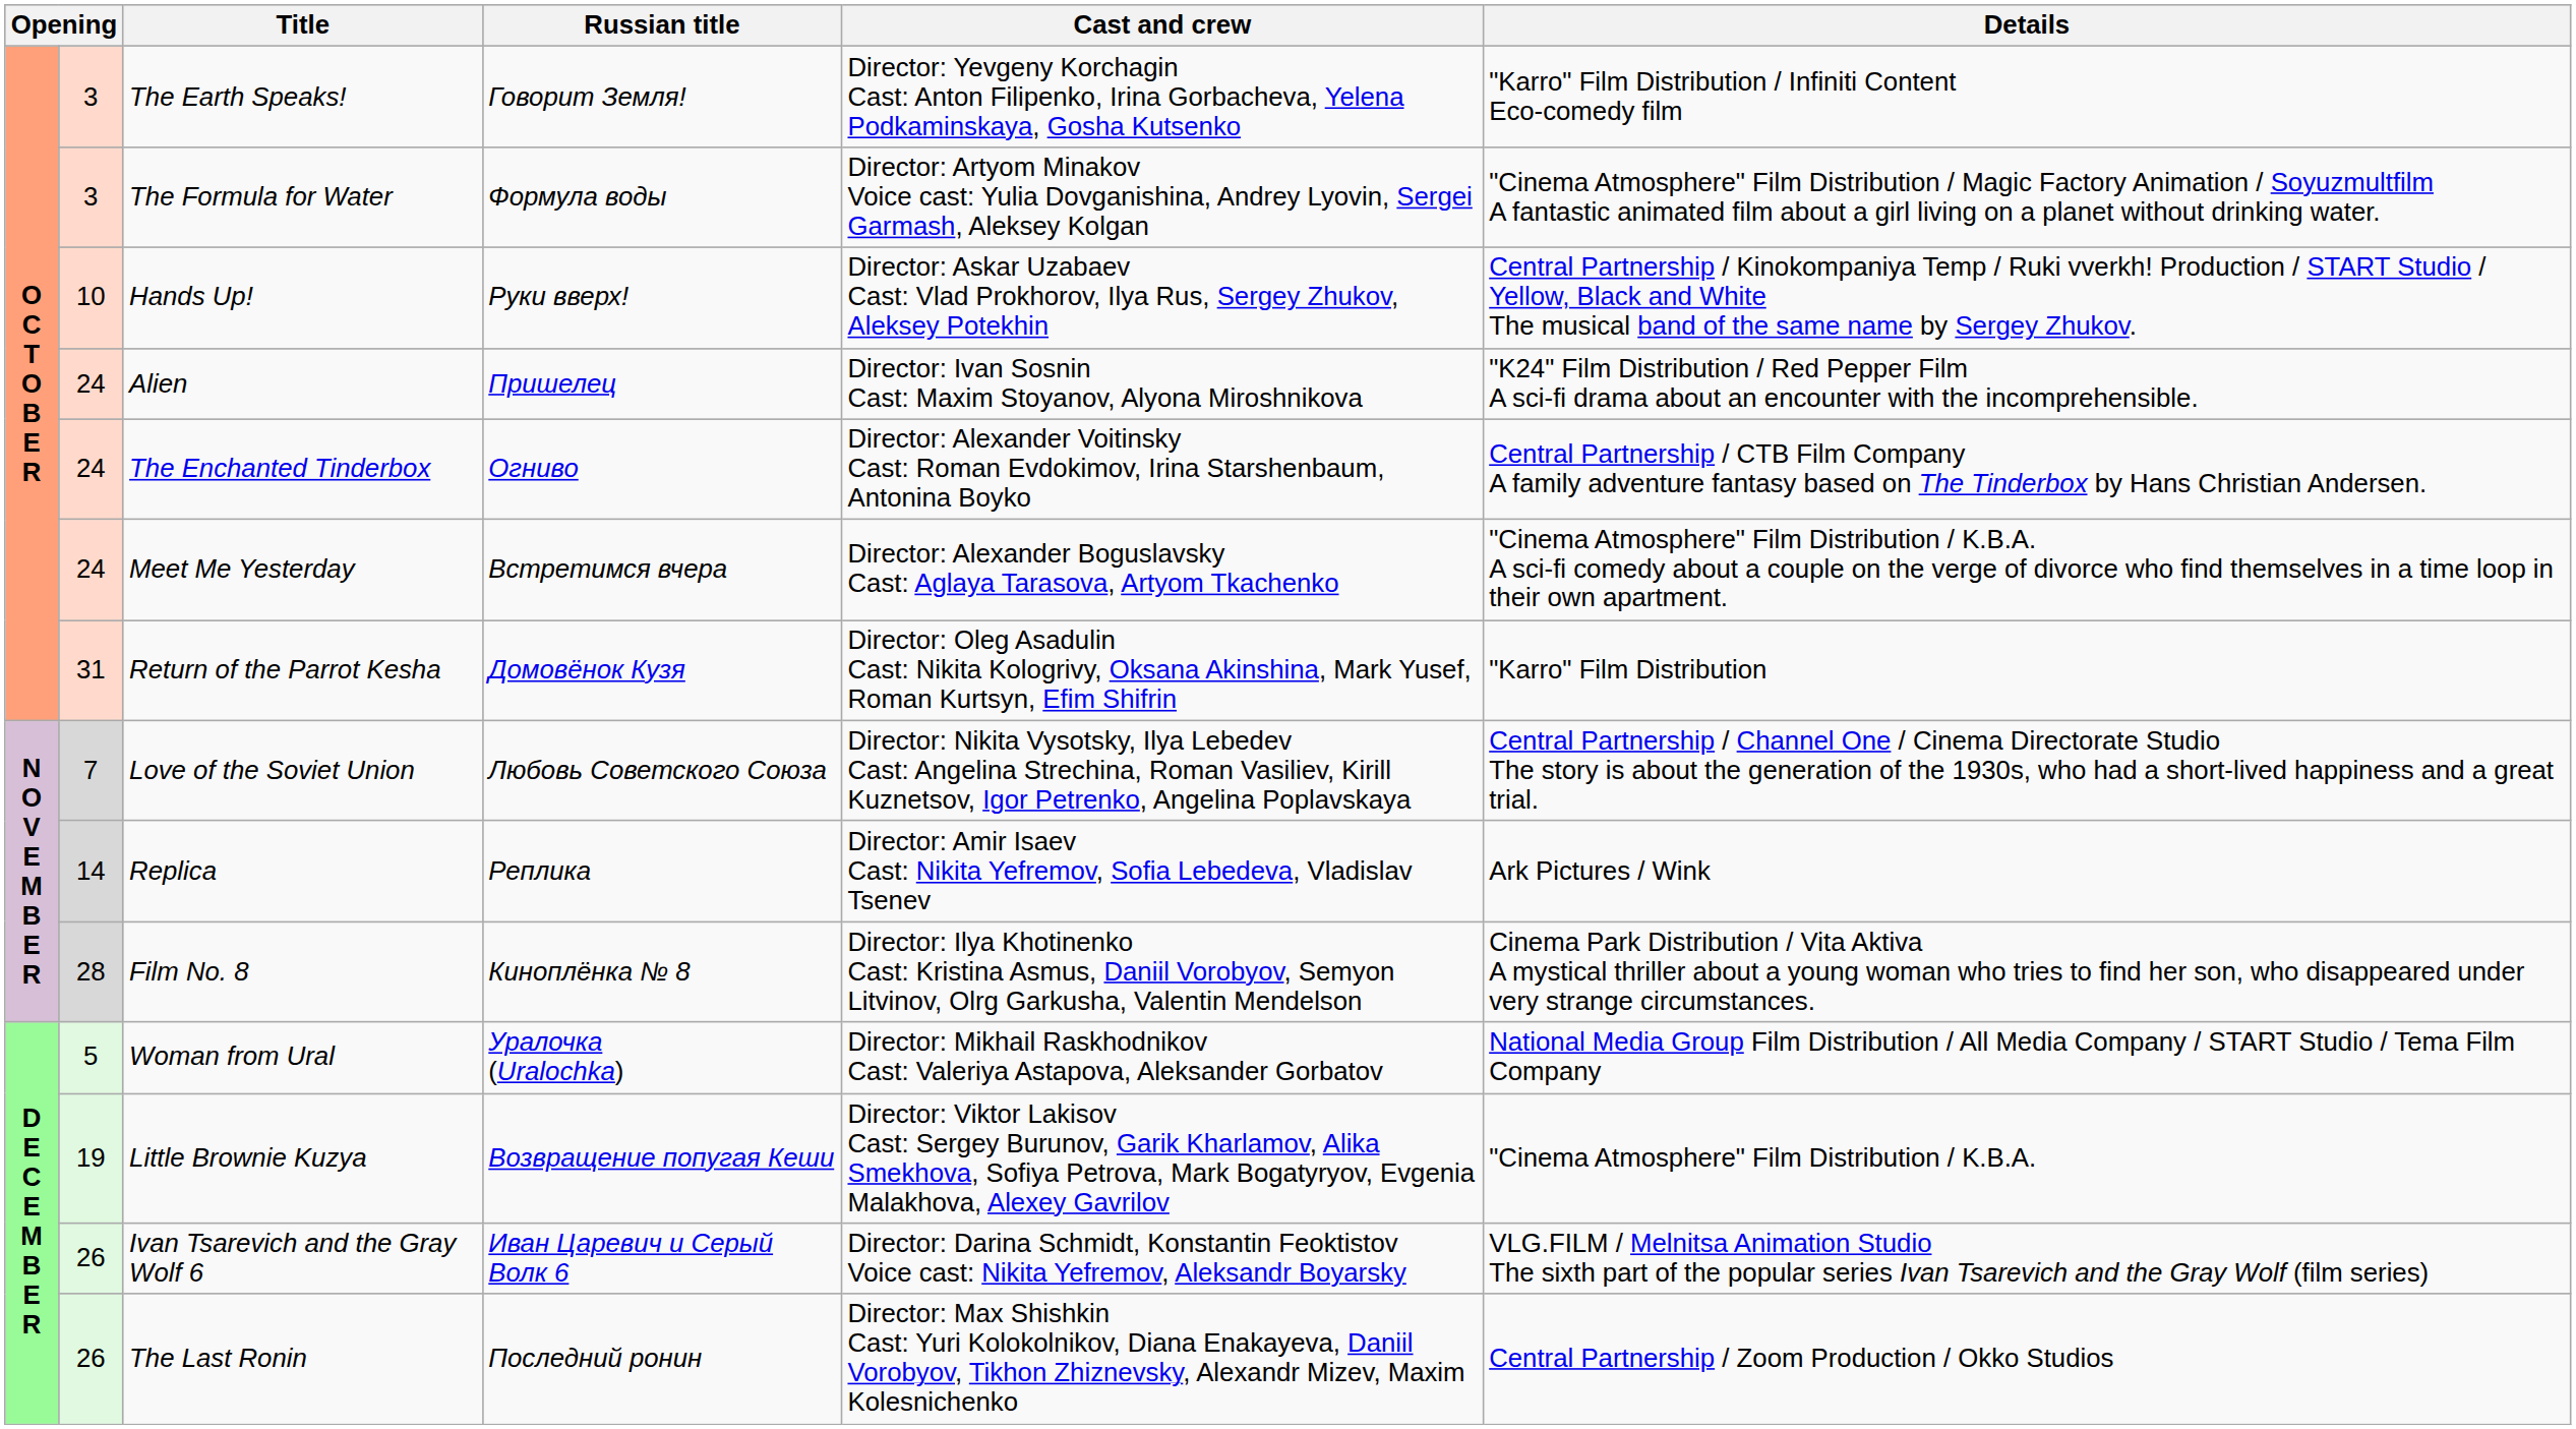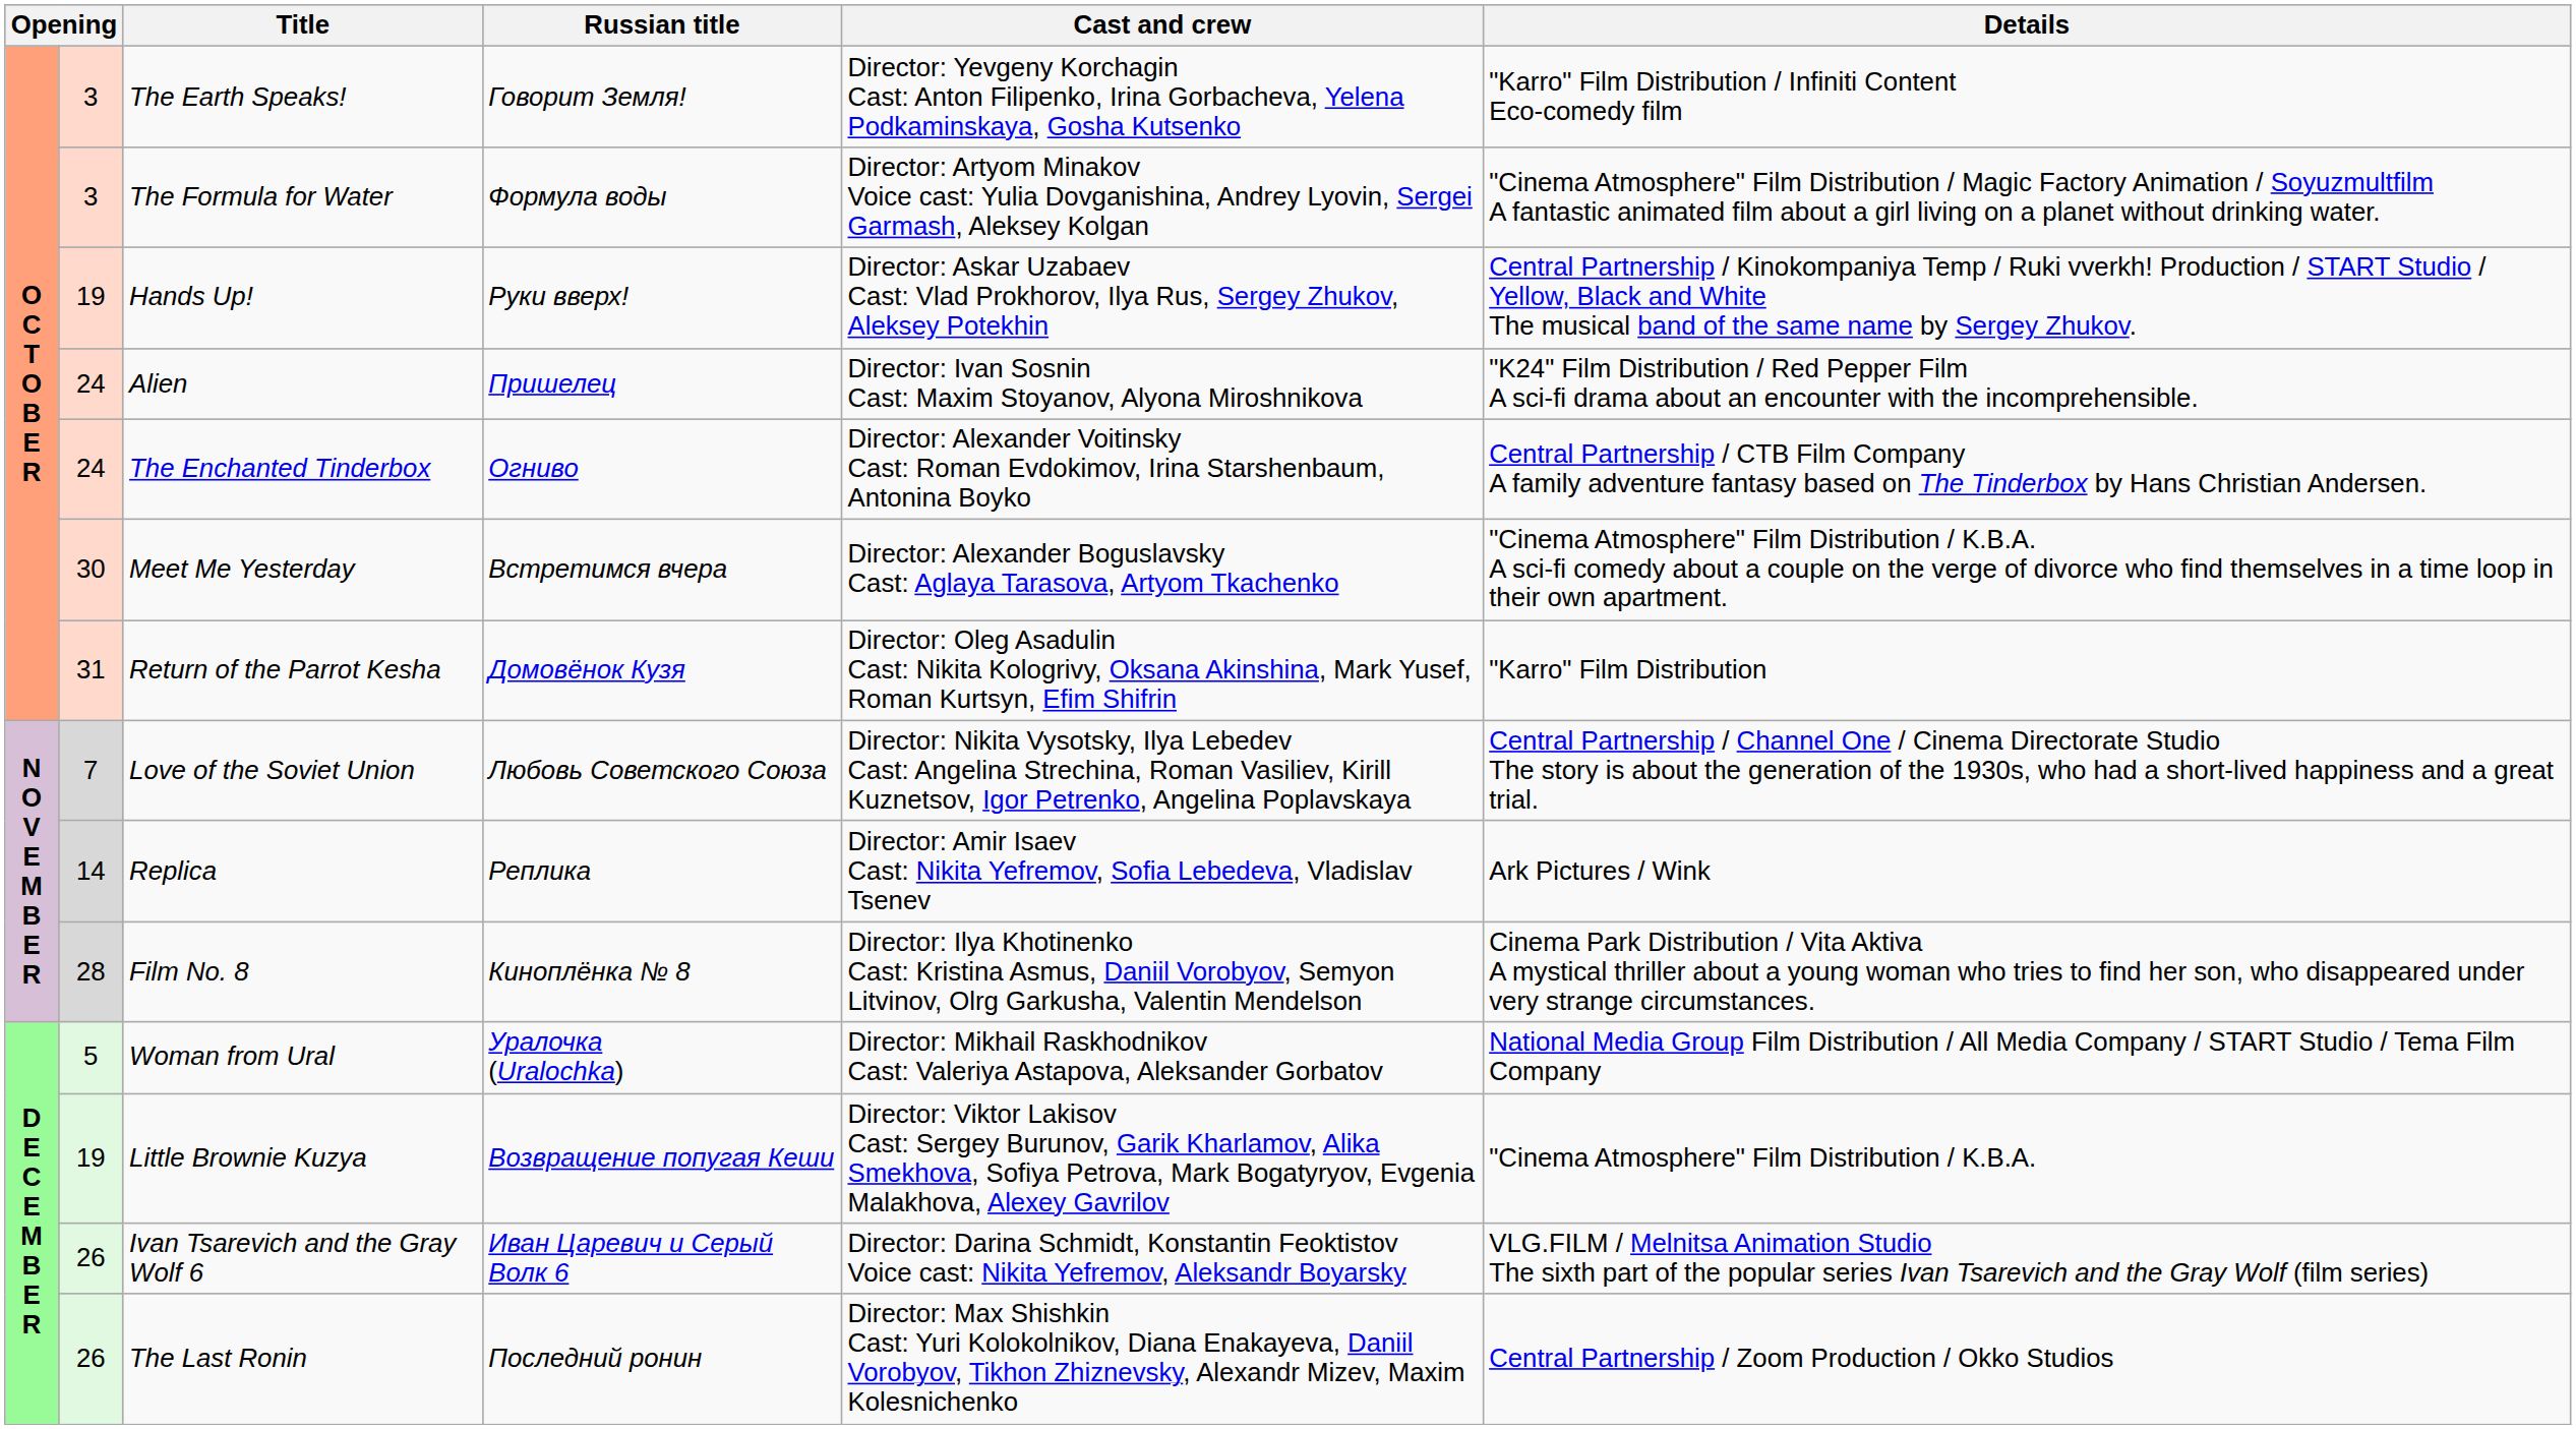 <table class="wikitable">
 <tr>
 <th colspan="2">Opening</th>
 <th style="width:14%;">Title</th>
 <th style="width:14%;">Russian title</th>
 <th style="width:25%;">Cast and crew</th>
 <th>Details</th>
 </tr>
 <tr>
 <th rowspan="7" align="center" style="background:#ffa07a; textcolor:#000;">O<br>C<br>T<br>O<br>B<br>E<br>R</th>
 <td align="center" style="background:#ffdacc;">3</td>
 <td><em>The Earth Speaks!</em></td>
 <td><em>Говорит Земля!</em></td>
 <td>Director: Yevgeny Korchagin <br> Cast: Anton Filipenko, Irina Gorbacheva, <a href='#'>Yelena Podkaminskaya</a>, <a href='#'>Gosha Kutsenko</a></td>
 <td>"Karro" Film Distribution / Infiniti Content <br> Eco-comedy film</td>
 </tr>
 <tr>
 <td align="center" style="background:#ffdacc;">3</td>
 <td><em>The Formula for Water</em></td>
 <td><em>Формула воды</em></td>
 <td>Director: Artyom Minakov <br> Voice cast: Yulia Dovganishina, Andrey Lyovin, <a href='#'>Sergei Garmash</a>, Aleksey Kolgan</td>
 <td>"Cinema Atmosphere" Film Distribution / Magic Factory Animation / <a href='#'>Soyuzmultfilm</a> <br> A fantastic animated film about a girl living on a planet without drinking water.</td>
 </tr>
 <tr>
-<td align="center" style="background:#ffdacc;">10</td>
+<td align="center" style="background:#ffdacc;">19</td>
 <td><em>Hands Up!</em></td>
 <td><em>Руки вверх!</em></td>
 <td>Director: Askar Uzabaev <br> Cast: Vlad Prokhorov, Ilya Rus, <a href='#'>Sergey Zhukov</a>, <a href='#'>Aleksey Potekhin</a></td>
 <td><a href='#'>Central Partnership</a> / Kinokompaniya Temp / Ruki vverkh! Production / <a href='#'>START Studio</a> / <a href='#'>Yellow, Black and White</a> <br> The musical <a href='#'>band of the same name</a> by <a href='#'>Sergey Zhukov</a>.</td>
 </tr>
 <tr>
 <td align="center" style="background:#ffdacc;">24</td>
 <td><em>Alien</em></td>
 <td><em><a href='#'>Пришелец</a></em></td>
 <td>Director: Ivan Sosnin <br> Cast: Maxim Stoyanov, Alyona Miroshnikova</td>
 <td>"K24" Film Distribution / Red Pepper Film <br> A sci-fi drama about an encounter with the incomprehensible.</td>
 </tr>
 <tr>
 <td align="center" style="background:#ffdacc;">24</td>
 <td><em><a href='#'>The Enchanted Tinderbox</a></em></td>
 <td><em><a href='#'>Огниво</a></em></td>
 <td>Director: Alexander Voitinsky <br> Cast: Roman Evdokimov, Irina Starshenbaum, Antonina Boyko</td>
 <td><a href='#'>Central Partnership</a> / CTB Film Company <br> A family adventure fantasy based on <em><a href='#'>The Tinderbox</a></em> by Hans Christian Andersen.</td>
 </tr>
 <tr>
-<td align="center" style="background:#ffdacc;">24</td>
+<td align="center" style="background:#ffdacc;">30</td>
 <td><em>Meet Me Yesterday</em></td>
 <td><em>Встретимся вчера</em></td>
 <td>Director: Alexander Boguslavsky <br> Cast: <a href='#'>Aglaya Tarasova</a>, <a href='#'>Artyom Tkachenko</a></td>
 <td>"Cinema Atmosphere" Film Distribution / K.B.A. <br> A sci-fi comedy about a couple on the verge of divorce who find themselves in a time loop in their own apartment.</td>
 </tr>
 <tr>
 <td align="center" style="background:#ffdacc;">31</td>
 <td><em>Return of the Parrot Kesha</em></td>
 <td><em><a href='#'>Домовёнок Кузя</a></em></td>
 <td>Director: Oleg Asadulin <br> Cast: Nikita Kologrivy, <a href='#'>Oksana Akinshina</a>, Mark Yusef, Roman Kurtsyn, <a href='#'>Efim Shifrin</a></td>
 <td>"Karro" Film Distribution</td>
 </tr>
 <tr>
 <th rowspan="3" align="center" style="background:thistle; textcolor:#000;">N<br>O<br>V<br>E<br>M<br>B<br>E<br>R</th>
 <td align="center" style="background:#d8d8d8;">7</td>
 <td><em>Love of the Soviet Union</em></td>
 <td><em>Любовь Советского Союза</em></td>
 <td>Director: Nikita Vysotsky, Ilya Lebedev <br> Cast: Angelina Strechina, Roman Vasiliev, Kirill Kuznetsov, <a href='#'>Igor Petrenko</a>, Angelina Poplavskaya</td>
 <td><a href='#'>Central Partnership</a> / <a href='#'>Channel One</a> / Cinema Directorate Studio <br> The story is about the generation of the 1930s, who had a short-lived happiness and a great trial.</td>
 </tr>
 <tr>
 <td align="center" style="background:#d8d8d8;">14</td>
 <td><em>Replica</em></td>
 <td><em>Реплика</em></td>
 <td>Director: Amir Isaev <br> Cast: <a href='#'>Nikita Yefremov</a>, <a href='#'>Sofia Lebedeva</a>, Vladislav Tsenev</td>
 <td>Ark Pictures / Wink</td>
 </tr>
 <tr>
 <td align="center" style="background:#d8d8d8;">28</td>
 <td><em>Film No. 8</em></td>
 <td><em>Киноплёнка № 8</em></td>
 <td>Director: Ilya Khotinenko <br> Cast: Kristina Asmus, <a href='#'>Daniil Vorobyov</a>, Semyon Litvinov, Olrg Garkusha, Valentin Mendelson</td>
 <td>Cinema Park Distribution / Vita Aktiva <br> A mystical thriller about a young woman who tries to find her son, who disappeared under very strange circumstances.</td>
 </tr>
 <tr>
 <th rowspan="4" align="center" style="background:#98fb98; textcolor:#000;">D<br>E<br>C<br>E<br>M<br>B<br>E<br>R</th>
 <td align="center" style="background:#e0f9e0;">5</td>
 <td><em>Woman from Ural</em></td>
 <td><em><a href='#'>Уралочка</a></em> <br>(<em><a href='#'>Uralochka</a></em>)</td>
 <td>Director: Mikhail Raskhodnikov <br> Cast: Valeriya Astapova, Aleksander Gorbatov</td>
 <td><a href='#'>National Media Group</a> Film Distribution / All Media Company / START Studio / Tema Film Company</td>
 </tr>
 <tr>
 <td align="center" style="background:#e0f9e0;">19</td>
 <td><em>Little Brownie Kuzya</em></td>
 <td><em><a href='#'>Возвращение попугая Кеши</a></em></td>
 <td>Director: Viktor Lakisov <br> Cast: Sergey Burunov, <a href='#'>Garik Kharlamov</a>, <a href='#'>Alika Smekhova</a>, Sofiya Petrova, Mark Bogatyryov, Evgenia Malakhova, <a href='#'>Alexey Gavrilov</a></td>
 <td>"Cinema Atmosphere" Film Distribution / K.B.A.</td>
 </tr>
 <tr>
 <td align="center" style="background:#e0f9e0;">26</td>
 <td><em>Ivan Tsarevich and the Gray Wolf 6</em></td>
 <td><em><a href='#'>Иван Царевич и Серый Волк 6</a></em></td>
 <td>Director: Darina Schmidt, Konstantin Feoktistov <br> Voice cast: <a href='#'>Nikita Yefremov</a>, <a href='#'>Aleksandr Boyarsky</a></td>
 <td>VLG.FILM / <a href='#'>Melnitsa Animation Studio</a> <br> The sixth part of the popular series <em>Ivan Tsarevich and the Gray Wolf</em> (film series)</td>
 </tr>
 <tr>
 <td align="center" style="background:#e0f9e0;">26</td>
 <td><em>The Last Ronin</em></td>
 <td><em>Последний ронин</em></td>
 <td>Director: Max Shishkin <br> Cast: Yuri Kolokolnikov, Diana Enakayeva, <a href='#'>Daniil Vorobyov</a>, <a href='#'>Tikhon Zhiznevsky</a>, Alexandr Mizev, Maxim Kolesnichenko</td>
 <td><a href='#'>Central Partnership</a> / Zoom Production / Okko Studios</td>
 </tr>
 </table>
